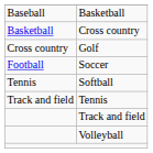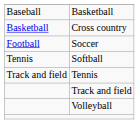 <table class="wikitable">
 <tr>
 </tr>
 <tr>
 <td>Baseball</td>
 <td>Basketball</td>
 </tr>
 <tr>
 <td><a href='#'>Basketball</a></td>
 <td>Cross country</td>
-</tr>
-<tr>
-<td>Cross country</td>
-<td>Golf</td>
 </tr>
 <tr>
 <td><a href='#'>Football</a></td>
 <td>Soccer</td>
 </tr>
 <tr>
 <td>Tennis</td>
 <td>Softball</td>
 </tr>
 <tr>
 <td>Track and field</td>
 <td>Tennis</td>
 </tr>
 <tr>
 <td></td>
 <td>Track and field</td>
 </tr>
 <tr>
 <td></td>
 <td>Volleyball</td>
 </tr>
 <tr>
 <td colspan="2"></td>
 </tr>
 </table>
